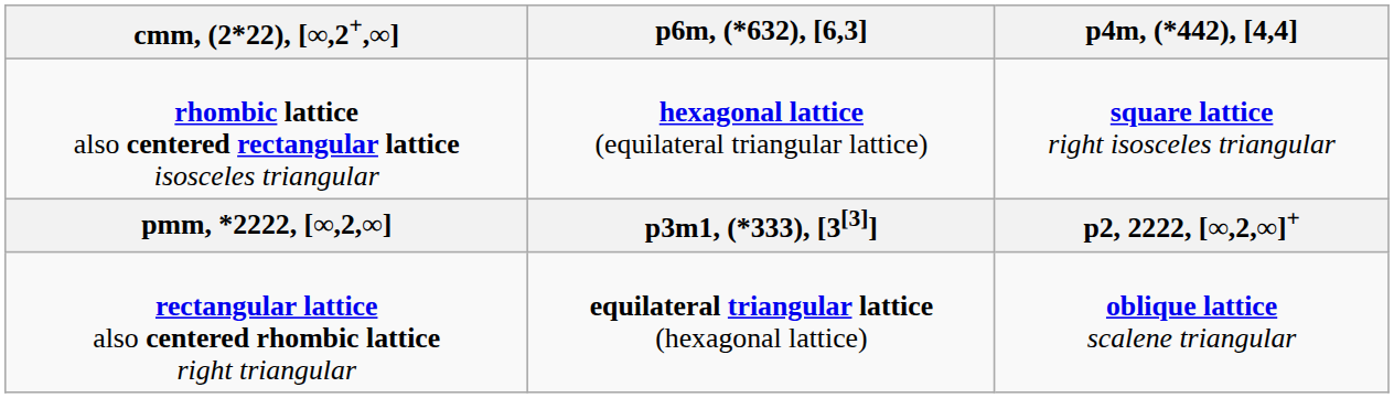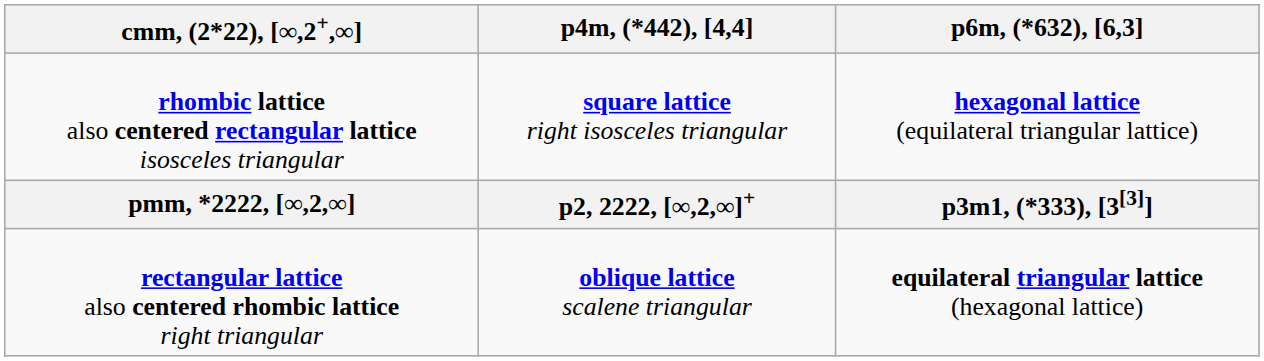 <table class=wikitable width=780>
 <tr>
 <th>cmm, (2*22), [∞,2<sup>+</sup>,∞]</th>
+<th>p4m, (*442), [4,4]</th>
 <th>p6m, (*632), [6,3]</th>
-<th>p4m, (*442), [4,4]</th>
 </tr>
 <tr valign=top align=center>
 <td><br><strong><a href='#'>rhombic</a> lattice</strong><br>also <strong>centered <a href='#'>rectangular</a> lattice</strong><br><em>isosceles triangular</em></td>
+<td><br><strong><a href='#'>square lattice</a></strong><br><em>right isosceles triangular</em></td>
 <td><br><strong><a href='#'>hexagonal lattice</a></strong><br>(equilateral triangular lattice)</td>
-<td><br><strong><a href='#'>square lattice</a></strong><br><em>right isosceles triangular</em></td>
 </tr>
 <tr>
 <th>pmm, *2222, [∞,2,∞]</th>
+<th>p2, 2222, [∞,2,∞]<sup>+</sup></th>
 <th>p3m1, (*333), [3<sup>[3]</sup>]</th>
-<th>p2, 2222, [∞,2,∞]<sup>+</sup></th>
 </tr>
 <tr valign=top align=center>
 <td><br><strong><a href='#'>rectangular lattice</a></strong><br>also <strong>centered rhombic lattice</strong><br><em>right triangular</em></td>
+<td><br><strong><a href='#'>oblique lattice</a></strong><br><em>scalene triangular</em></td>
 <td><br><strong>equilateral <a href='#'>triangular</a> lattice</strong><br>(hexagonal lattice)</td>
-<td><br><strong><a href='#'>oblique lattice</a></strong><br><em>scalene triangular</em></td>
 </tr>
 </table>
